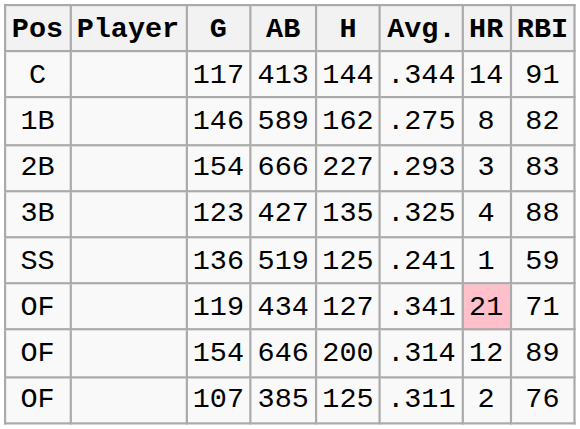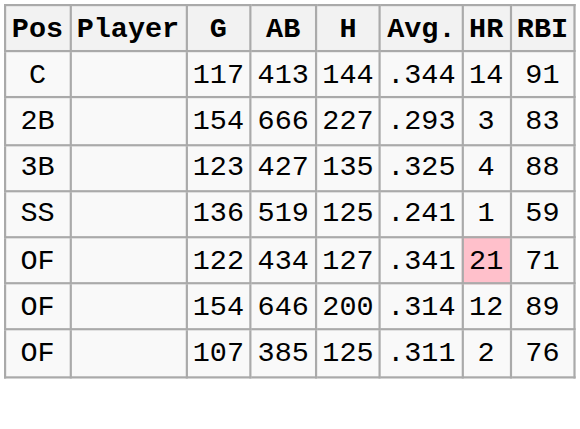 <table class="wikitable sortable" style="text-align:center;">
 <tr>
 <th>Pos</th>
 <th>Player</th>
 <th>G</th>
 <th>AB</th>
 <th>H</th>
 <th>Avg.</th>
 <th>HR</th>
 <th>RBI</th>
 </tr>
 <tr>
 <td>C</td>
 <td></td>
 <td>117</td>
 <td>413</td>
 <td>144</td>
 <td>.344</td>
 <td>14</td>
 <td>91</td>
-</tr>
-<tr>
-<td>1B</td>
-<td></td>
-<td>146</td>
-<td>589</td>
-<td>162</td>
-<td>.275</td>
-<td>8</td>
-<td>82</td>
 </tr>
 <tr>
 <td>2B</td>
 <td></td>
 <td>154</td>
 <td>666</td>
 <td>227</td>
 <td>.293</td>
 <td>3</td>
 <td>83</td>
 </tr>
 <tr>
 <td>3B</td>
 <td></td>
 <td>123</td>
 <td>427</td>
 <td>135</td>
 <td>.325</td>
 <td>4</td>
 <td>88</td>
 </tr>
 <tr>
 <td>SS</td>
 <td></td>
 <td>136</td>
 <td>519</td>
 <td>125</td>
 <td>.241</td>
 <td>1</td>
 <td>59</td>
 </tr>
 <tr>
 <td>OF</td>
 <td></td>
-<td>119</td>
+<td>122</td>
 <td>434</td>
 <td>127</td>
 <td>.341</td>
 <td style="background: pink;">21</td>
 <td>71</td>
 </tr>
 <tr>
 <td>OF</td>
 <td></td>
 <td>154</td>
 <td>646</td>
 <td>200</td>
 <td>.314</td>
 <td>12</td>
 <td>89</td>
 </tr>
 <tr>
 <td>OF</td>
 <td></td>
 <td>107</td>
 <td>385</td>
 <td>125</td>
 <td>.311</td>
 <td>2</td>
 <td>76</td>
 </tr>
 </table>
